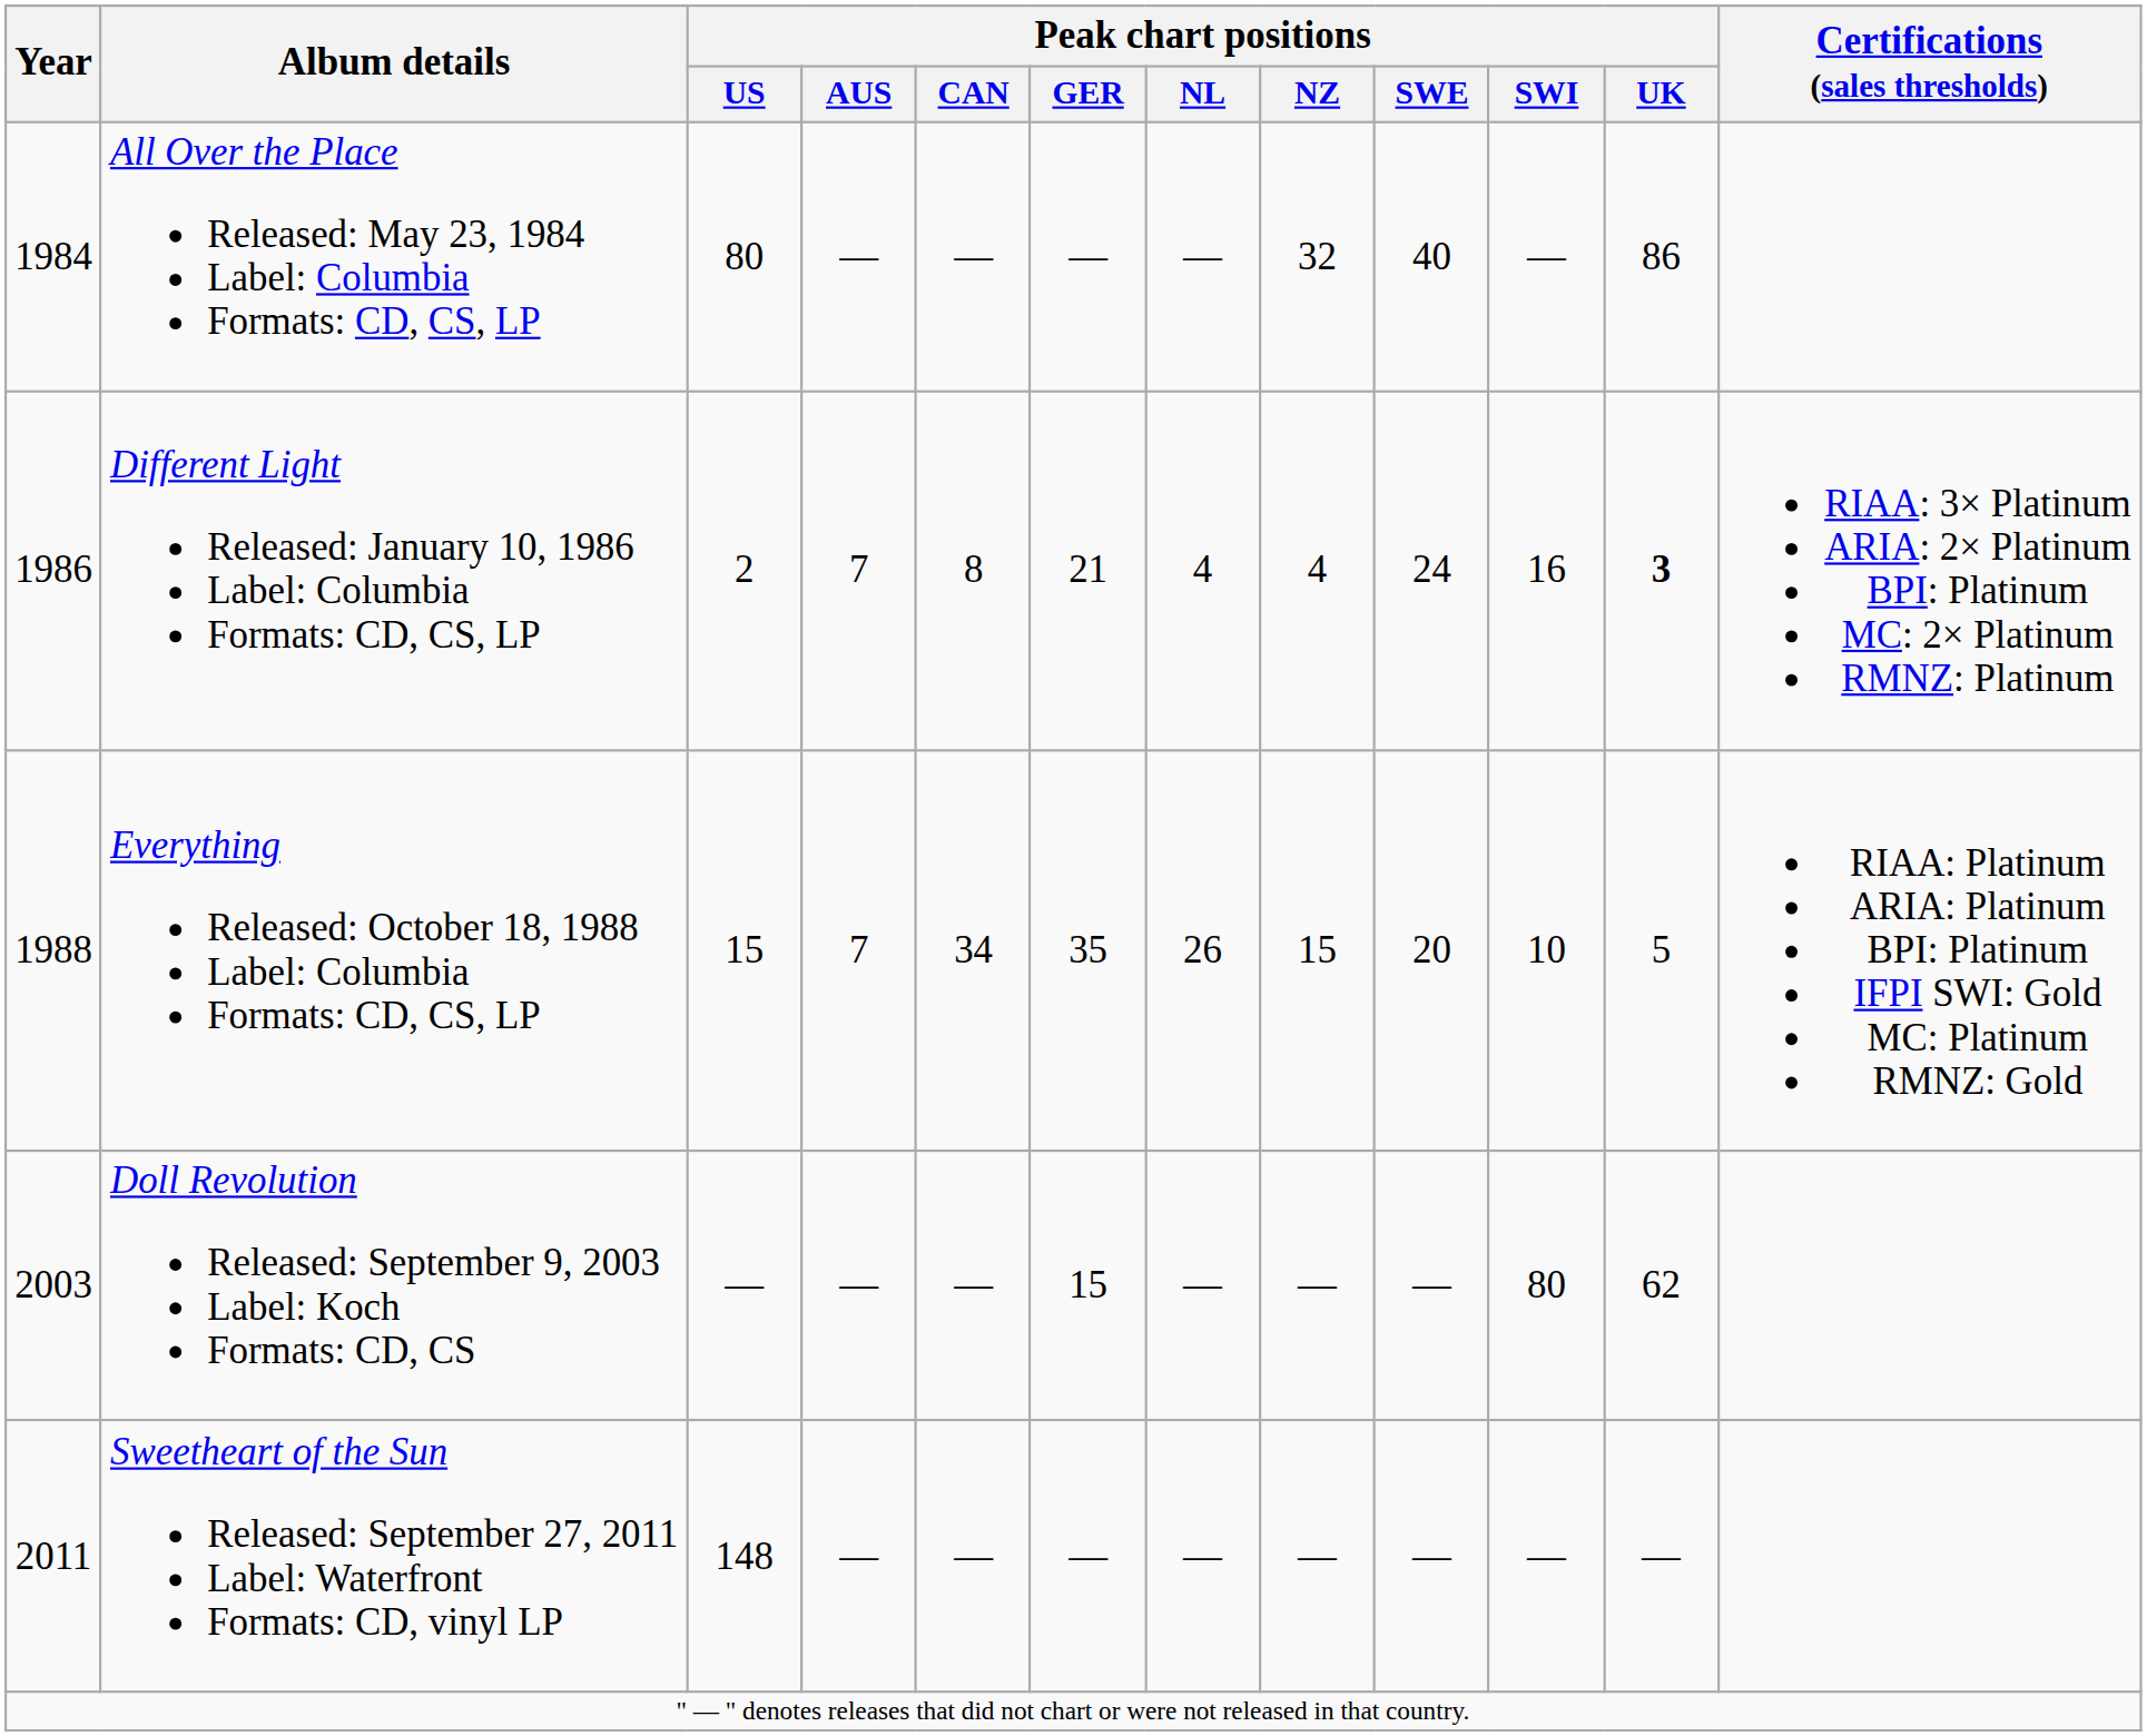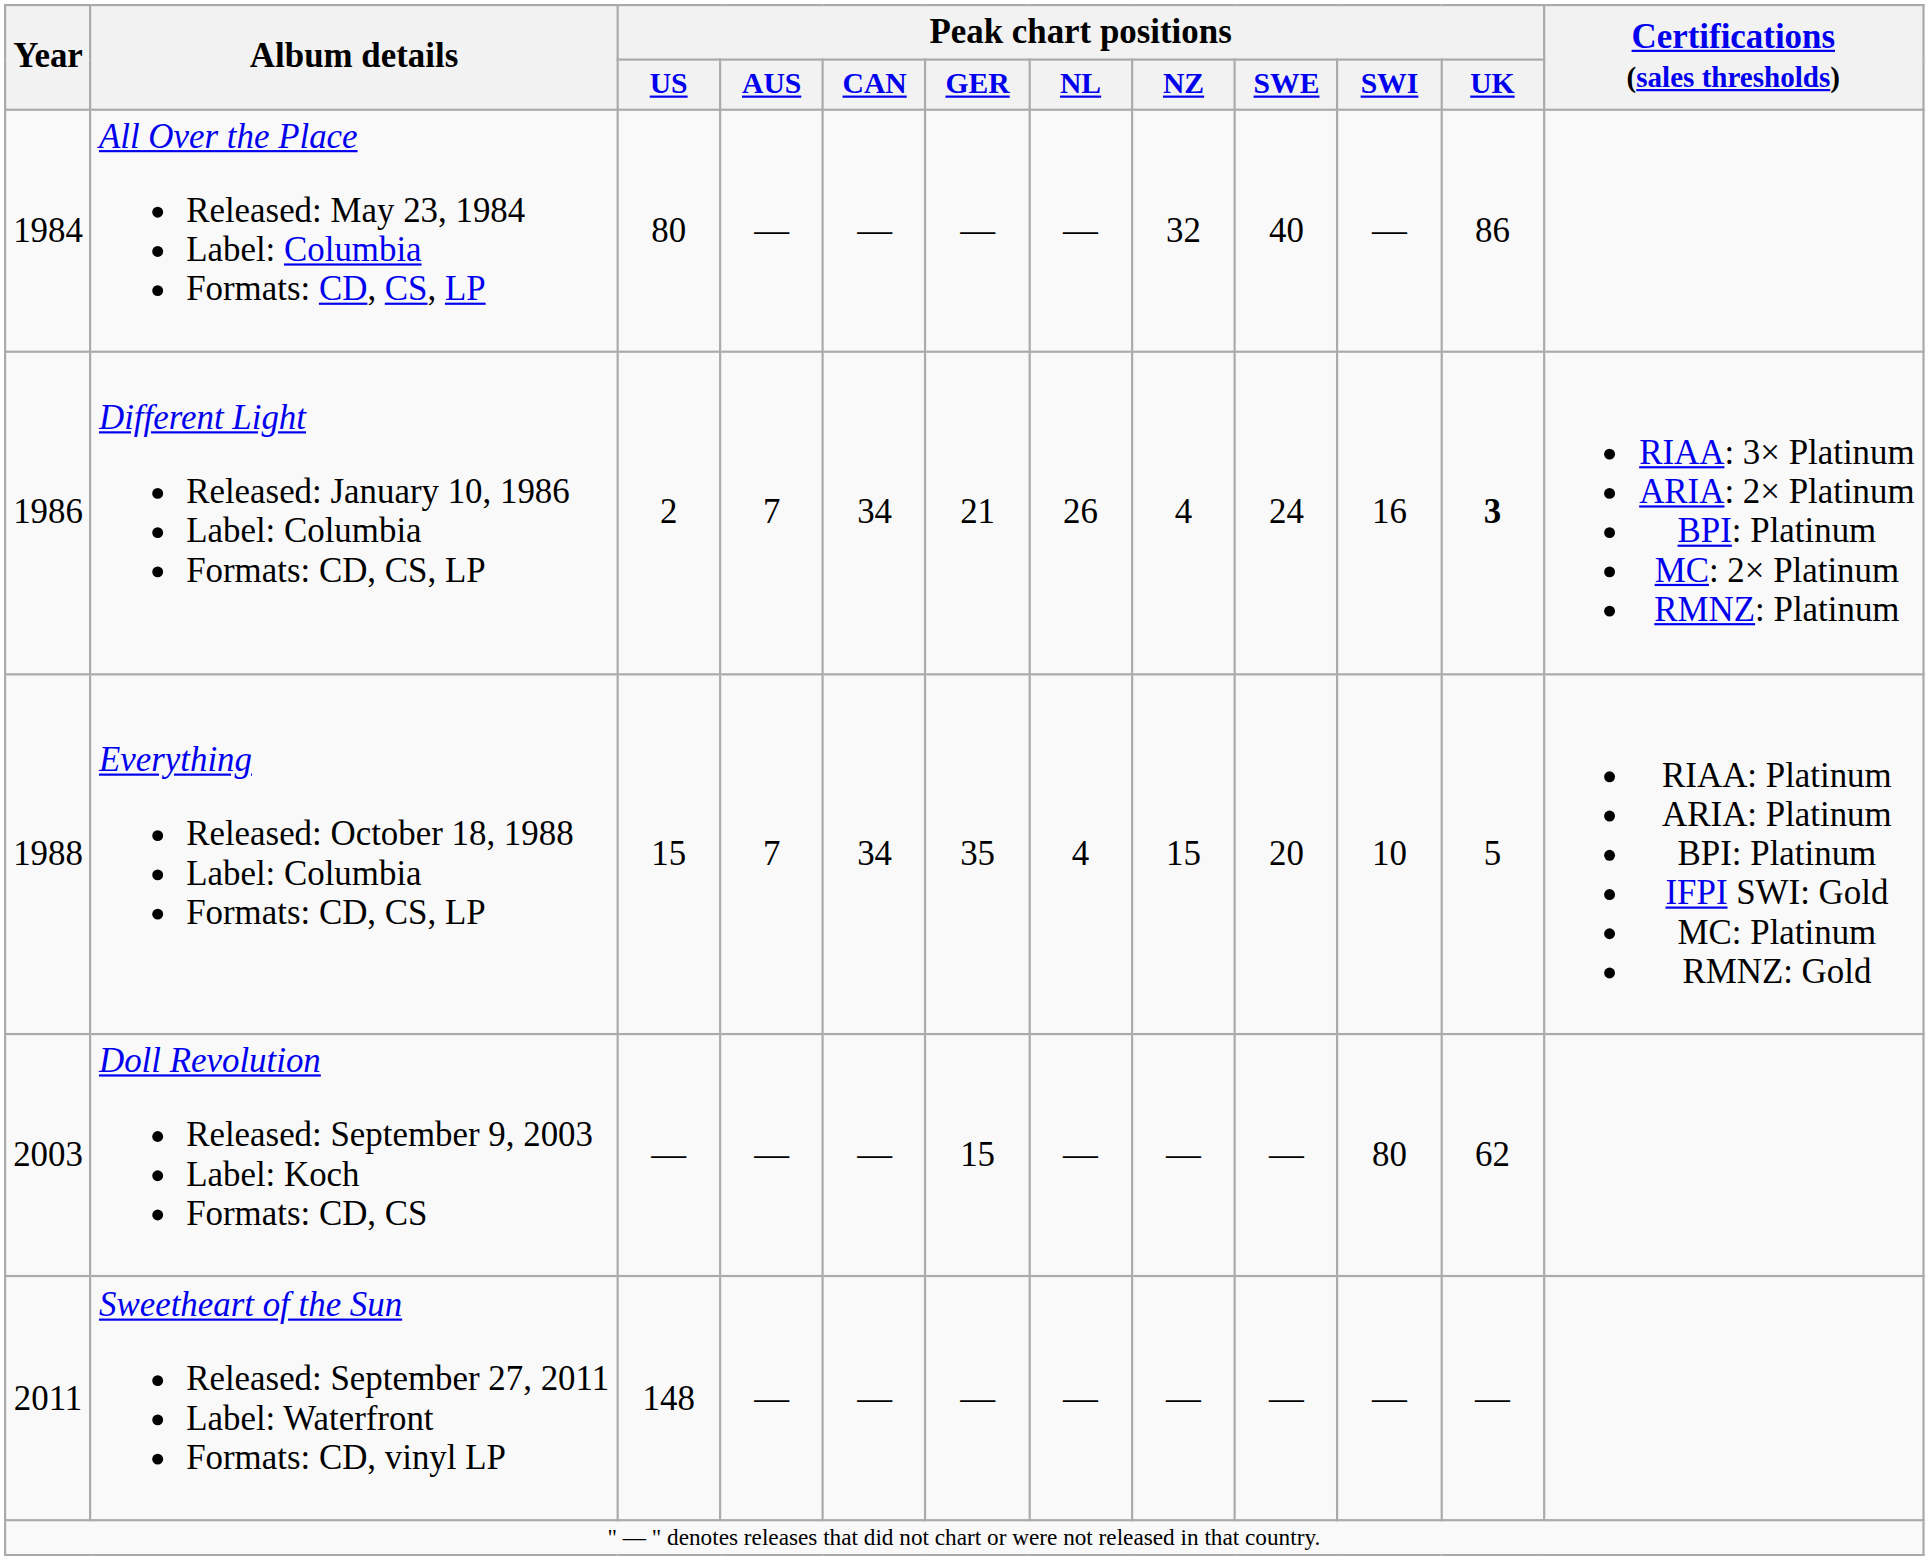 <table class="wikitable" style=text-align:center;>
 <tr>
 <th rowspan="2">Year</th>
 <th rowspan="2">Album details</th>
 <th colspan="9">Peak chart positions</th>
 <th rowspan="2"><a href='#'>Certifications</a><br><small>(<a href='#'>sales thresholds</a>)</small></th>
 </tr>
 <tr>
 <th style="width:3em;font-size:85%"><a href='#'>US</a><br></th>
 <th style="width:3em;font-size:85%"><a href='#'>AUS</a><br></th>
 <th style="width:3em;font-size:85%"><a href='#'>CAN</a><br></th>
 <th style="width:3em;font-size:85%"><a href='#'>GER</a><br></th>
 <th style="width:3em;font-size:85%"><a href='#'>NL</a><br></th>
 <th style="width:3em;font-size:85%"><a href='#'>NZ</a><br></th>
 <th style="width:3em;font-size:85%"><a href='#'>SWE</a><br></th>
 <th style="width:3em;font-size:85%"><a href='#'>SWI</a><br></th>
 <th style="width:3em;font-size:85%"><a href='#'>UK</a><br></th>
 </tr>
 <tr>
 <td align="center">1984</td>
 <td align="left"><em><a href='#'>All Over the Place</a></em><br><ul><li>Released: May 23, 1984</li><li>Label: <a href='#'>Columbia</a></li><li>Formats: <a href='#'>CD</a>, <a href='#'>CS</a>, <a href='#'>LP</a></li></ul></td>
 <td align="center">80</td>
 <td align="center">—</td>
 <td align="center">—</td>
 <td align="center">—</td>
 <td align="center">—</td>
 <td align="center">32</td>
 <td align="center">40</td>
 <td align="center">—</td>
 <td align="center">86</td>
 <td></td>
 </tr>
 <tr>
 <td align="center">1986</td>
 <td align="left"><em><a href='#'>Different Light</a></em><br><ul><li>Released: January 10, 1986</li><li>Label: Columbia</li><li>Formats: CD, CS, LP</li></ul></td>
 <td align="center">2</td>
 <td align="center">7</td>
-<td align="center">8</td>
+<td align="center">34</td>
 <td align="center">21</td>
-<td align="center">4</td>
+<td align="center">26</td>
 <td align="center">4</td>
 <td align="center">24</td>
 <td align="center">16</td>
 <td align="center"><strong>3</strong></td>
 <td><br><ul><li><a href='#'>RIAA</a>: 3× Platinum</li><li><a href='#'>ARIA</a>: 2× Platinum</li><li><a href='#'>BPI</a>: Platinum</li><li><a href='#'>MC</a>: 2× Platinum</li><li><a href='#'>RMNZ</a>: Platinum</li></ul></td>
 </tr>
 <tr>
 <td align="center">1988</td>
 <td align="left"><em><a href='#'>Everything</a></em><br><ul><li>Released: October 18, 1988</li><li>Label: Columbia</li><li>Formats: CD, CS, LP</li></ul></td>
 <td align="center">15</td>
 <td align="center">7</td>
 <td align="center">34</td>
 <td align="center">35</td>
-<td align="center">26</td>
+<td align="center">4</td>
 <td align="center">15</td>
 <td align="center">20</td>
 <td align="center">10</td>
 <td align="center">5</td>
 <td><br><ul><li>RIAA: Platinum</li><li>ARIA: Platinum</li><li>BPI: Platinum</li><li><a href='#'>IFPI</a> SWI: Gold</li><li>MC: Platinum</li><li>RMNZ: Gold</li></ul></td>
 </tr>
 <tr>
 <td align="center">2003</td>
 <td align="left"><em><a href='#'>Doll Revolution</a></em><br><ul><li>Released: September 9, 2003</li><li>Label: Koch</li><li>Formats: CD, CS</li></ul></td>
 <td align="center">—</td>
 <td align="center">—</td>
 <td align="center">—</td>
 <td align="center">15</td>
 <td align="center">—</td>
 <td align="center">—</td>
 <td align="center">—</td>
 <td align="center">80</td>
 <td align="center">62</td>
 <td></td>
 </tr>
 <tr>
 <td align="center">2011</td>
 <td align="left"><em><a href='#'>Sweetheart of the Sun</a></em><br><ul><li>Released: September 27, 2011</li><li>Label: Waterfront</li><li>Formats: CD, vinyl LP</li></ul></td>
 <td align="center">148</td>
 <td align="center">—</td>
 <td align="center">—</td>
 <td align="center">—</td>
 <td align="center">—</td>
 <td align="center">—</td>
 <td align="center">—</td>
 <td align="center">—</td>
 <td align="center">—</td>
 <td></td>
 </tr>
 <tr>
 <td align="center" colspan="30" style="font-size: 8pt">" — " denotes releases that did not chart or were not released in that country.</td>
 </tr>
 </table>
